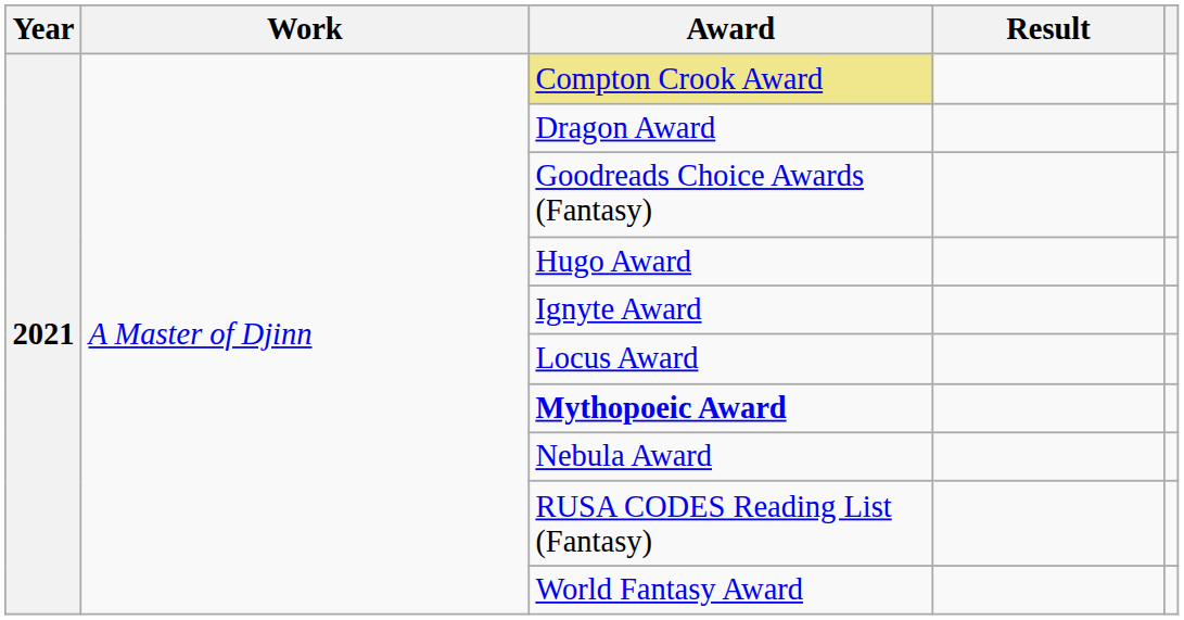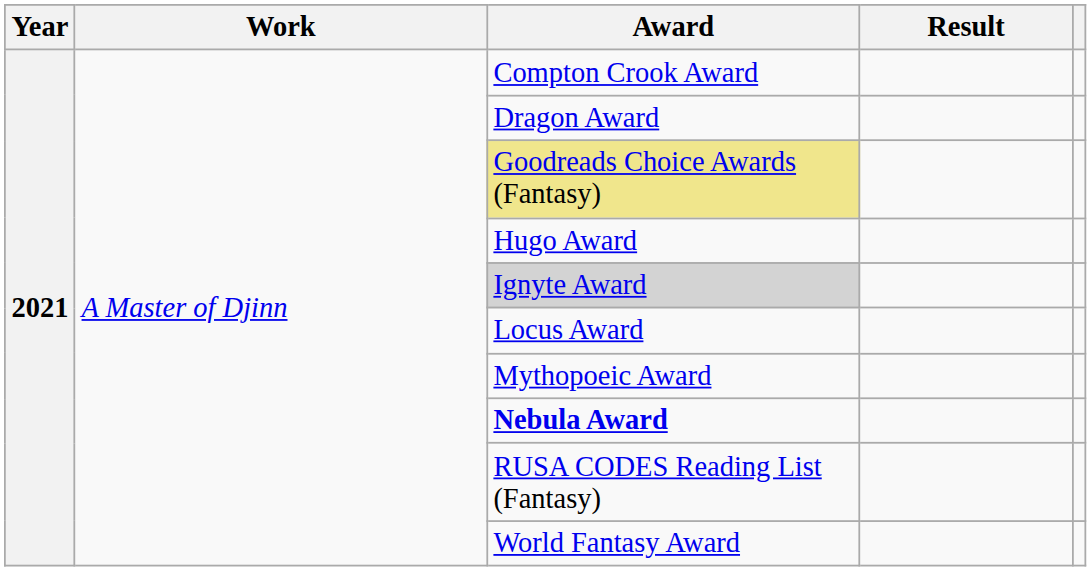 <table class="wikitable">
 <tr>
 <th scope=col>Year</th>
 <th scope=col style="min-width: 14em">Work</th>
 <th scope=col style="min-width: 10em">Award</th>
 <th scope=col style="min-width: 7em">Result</th>
 <th scope=col class=unsortable></th>
 </tr>
 <tr>
 <th rowspan="10">2021</th>
 <td rowspan="10"><em><a href='#'>A Master of Djinn</a></em></td>
-<td style="background: khaki;"><a href='#'>Compton Crook Award</a></td>
+<td><a href='#'>Compton Crook Award</a></td>
 <td></td>
 <td style="text-align: center"></td>
 </tr>
 <tr>
 <td><a href='#'>Dragon Award</a></td>
 <td></td>
 <td></td>
 </tr>
 <tr>
-<td><a href='#'>Goodreads Choice Awards</a> (Fantasy) </td>
+<td style="background: khaki;"><a href='#'>Goodreads Choice Awards</a> (Fantasy) </td>
 <td></td>
 <td></td>
 </tr>
 <tr>
 <td><a href='#'>Hugo Award</a></td>
 <td></td>
 <td style="text-align: center"></td>
 </tr>
 <tr>
-<td><a href='#'>Ignyte Award</a></td>
+<td style="background: lightgrey;"><a href='#'>Ignyte Award</a></td>
 <td></td>
 <td style="text-align: center;"></td>
 </tr>
 <tr>
 <td><a href='#'>Locus Award</a></td>
 <td></td>
 <td style="text-align: center"></td>
 </tr>
 <tr>
-<td><strong><a href='#'>Mythopoeic Award</a></strong></td>
+<td><a href='#'>Mythopoeic Award</a></td>
 <td></td>
 <td style="text-align: center"></td>
 </tr>
 <tr>
-<td><a href='#'>Nebula Award</a></td>
+<td><strong><a href='#'>Nebula Award</a></strong></td>
 <td></td>
 <td style="text-align: center"></td>
 </tr>
 <tr>
 <td><a href='#'>RUSA CODES Reading List</a> (Fantasy) </td>
 <td></td>
 <td></td>
 </tr>
 <tr>
 <td><a href='#'>World Fantasy Award</a></td>
 <td></td>
 <td style="text-align: center"></td>
 </tr>
 </table>
